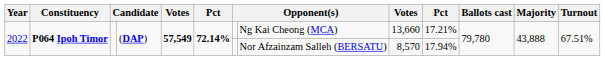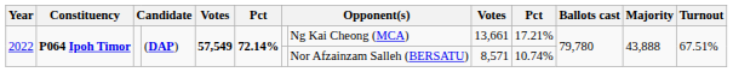 <table class="wikitable" style="margin:0.5em ; font-size:95%">
 <tr>
 <th>Year</th>
 <th>Constituency</th>
 <th colspan=2>Candidate</th>
 <th>Votes</th>
 <th>Pct</th>
 <th colspan=2>Opponent(s)</th>
 <th>Votes</th>
 <th>Pct</th>
 <th>Ballots cast</th>
 <th>Majority</th>
 <th>Turnout</th>
 </tr>
 <tr>
 <td rowspan=2><a href='#'>2022</a></td>
 <td rowspan=2><strong>P064 <a href='#'>Ipoh Timor</a></strong></td>
 <td rowspan=2 ></td>
 <td rowspan=2> (<a href='#'><strong>DAP</strong></a>)</td>
 <td rowspan=2 align="right"><strong>57,549</strong></td>
 <td rowspan=2><strong>72.14%</strong></td>
 <td bgcolor=></td>
 <td>Ng Kai Cheong (<a href='#'>MCA</a>)</td>
-<td align="right">13,660</td>
+<td align="right">13,661</td>
 <td>17.21%</td>
 <td rowspan=2>79,780</td>
 <td rowspan=2>43,888</td>
 <td rowspan=2>67.51%</td>
 </tr>
 <tr>
 <td></td>
 <td>Nor Afzainzam Salleh (<a href='#'>BERSATU</a>)</td>
-<td align="right">8,570</td>
-<td>17.94%</td>
+<td align="right">8,571</td>
+<td>10.74%</td>
 </tr>
 </table>
